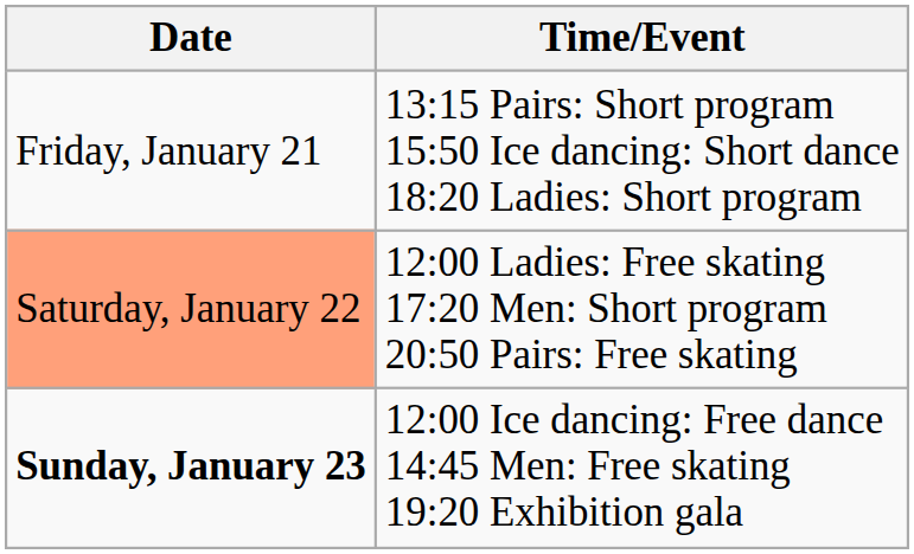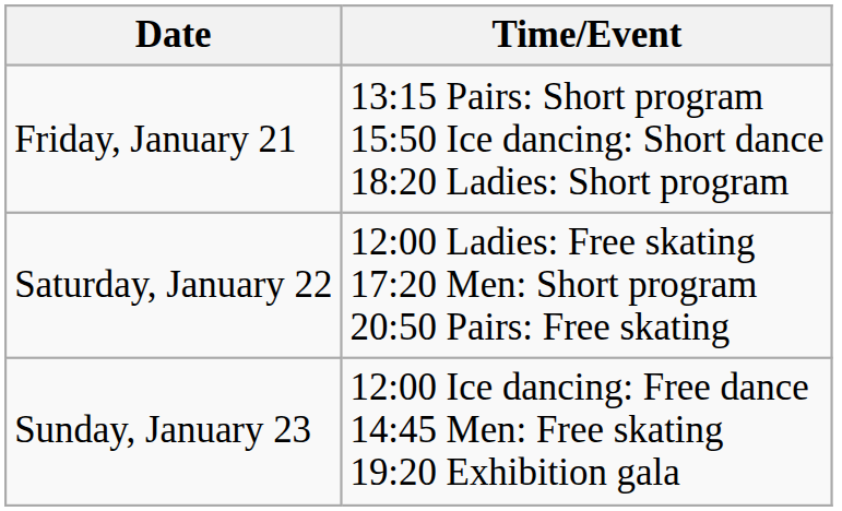 <table class="wikitable">
 <tr>
 <th>Date</th>
 <th>Time/Event</th>
 </tr>
 <tr>
 <td>Friday, January 21</td>
 <td>13:15 Pairs: Short program <br> 15:50 Ice dancing: Short dance <br> 18:20 Ladies: Short program</td>
 </tr>
 <tr>
-<td style="background: lightsalmon;">Saturday, January 22</td>
+<td>Saturday, January 22</td>
 <td>12:00 Ladies: Free skating <br> 17:20 Men: Short program <br> 20:50 Pairs: Free skating</td>
 </tr>
 <tr>
-<td><strong>Sunday, January 23</strong></td>
+<td>Sunday, January 23</td>
 <td>12:00 Ice dancing: Free dance <br> 14:45 Men: Free skating <br> 19:20 Exhibition gala</td>
 </tr>
 </table>
